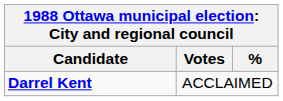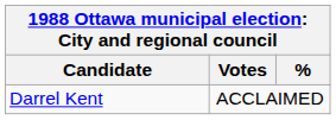 <table class="wikitable">
 <tr>
 <th colspan="3"><a href='#'>1988 Ottawa municipal election</a>: City and regional council</th>
 </tr>
 <tr>
 <th style="width: 170px">Candidate</th>
 <th style="width: 50px">Votes</th>
 <th style="width: 40px">%</th>
 </tr>
 <tr>
-<td><strong><a href='#'>Darrel Kent</a></strong></td>
+<td><a href='#'>Darrel Kent</a></td>
 <td colspan="2" align="center">ACCLAIMED</td>
 </tr>
 </table>
